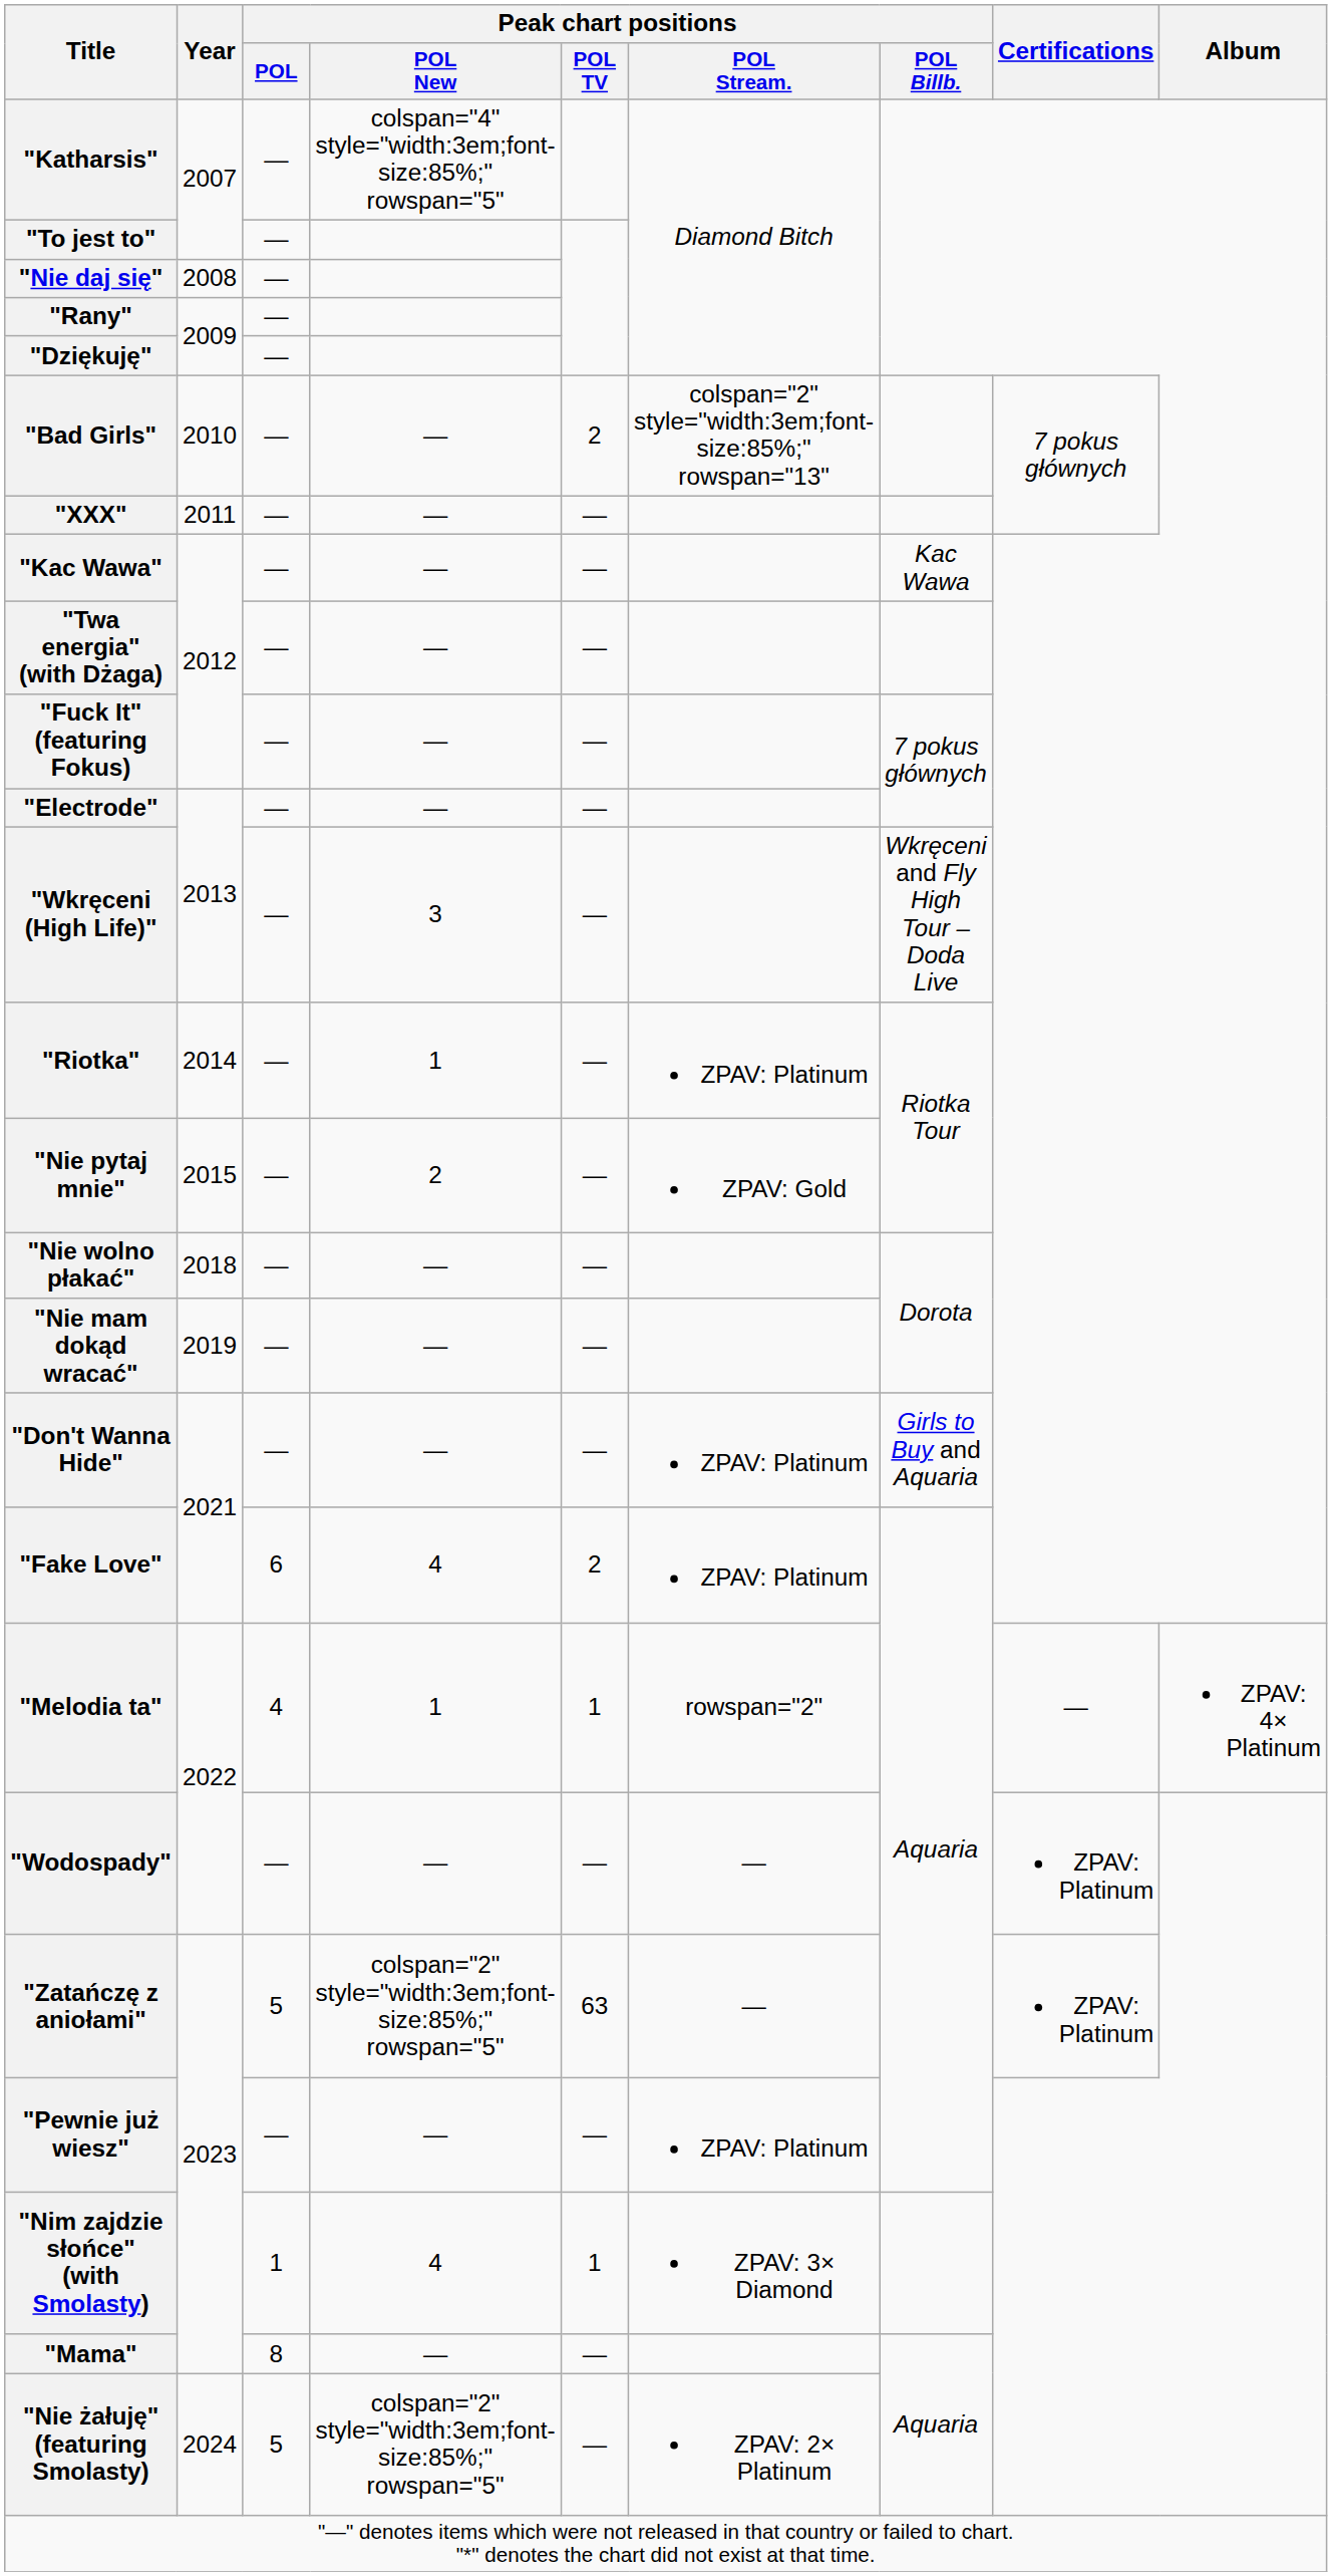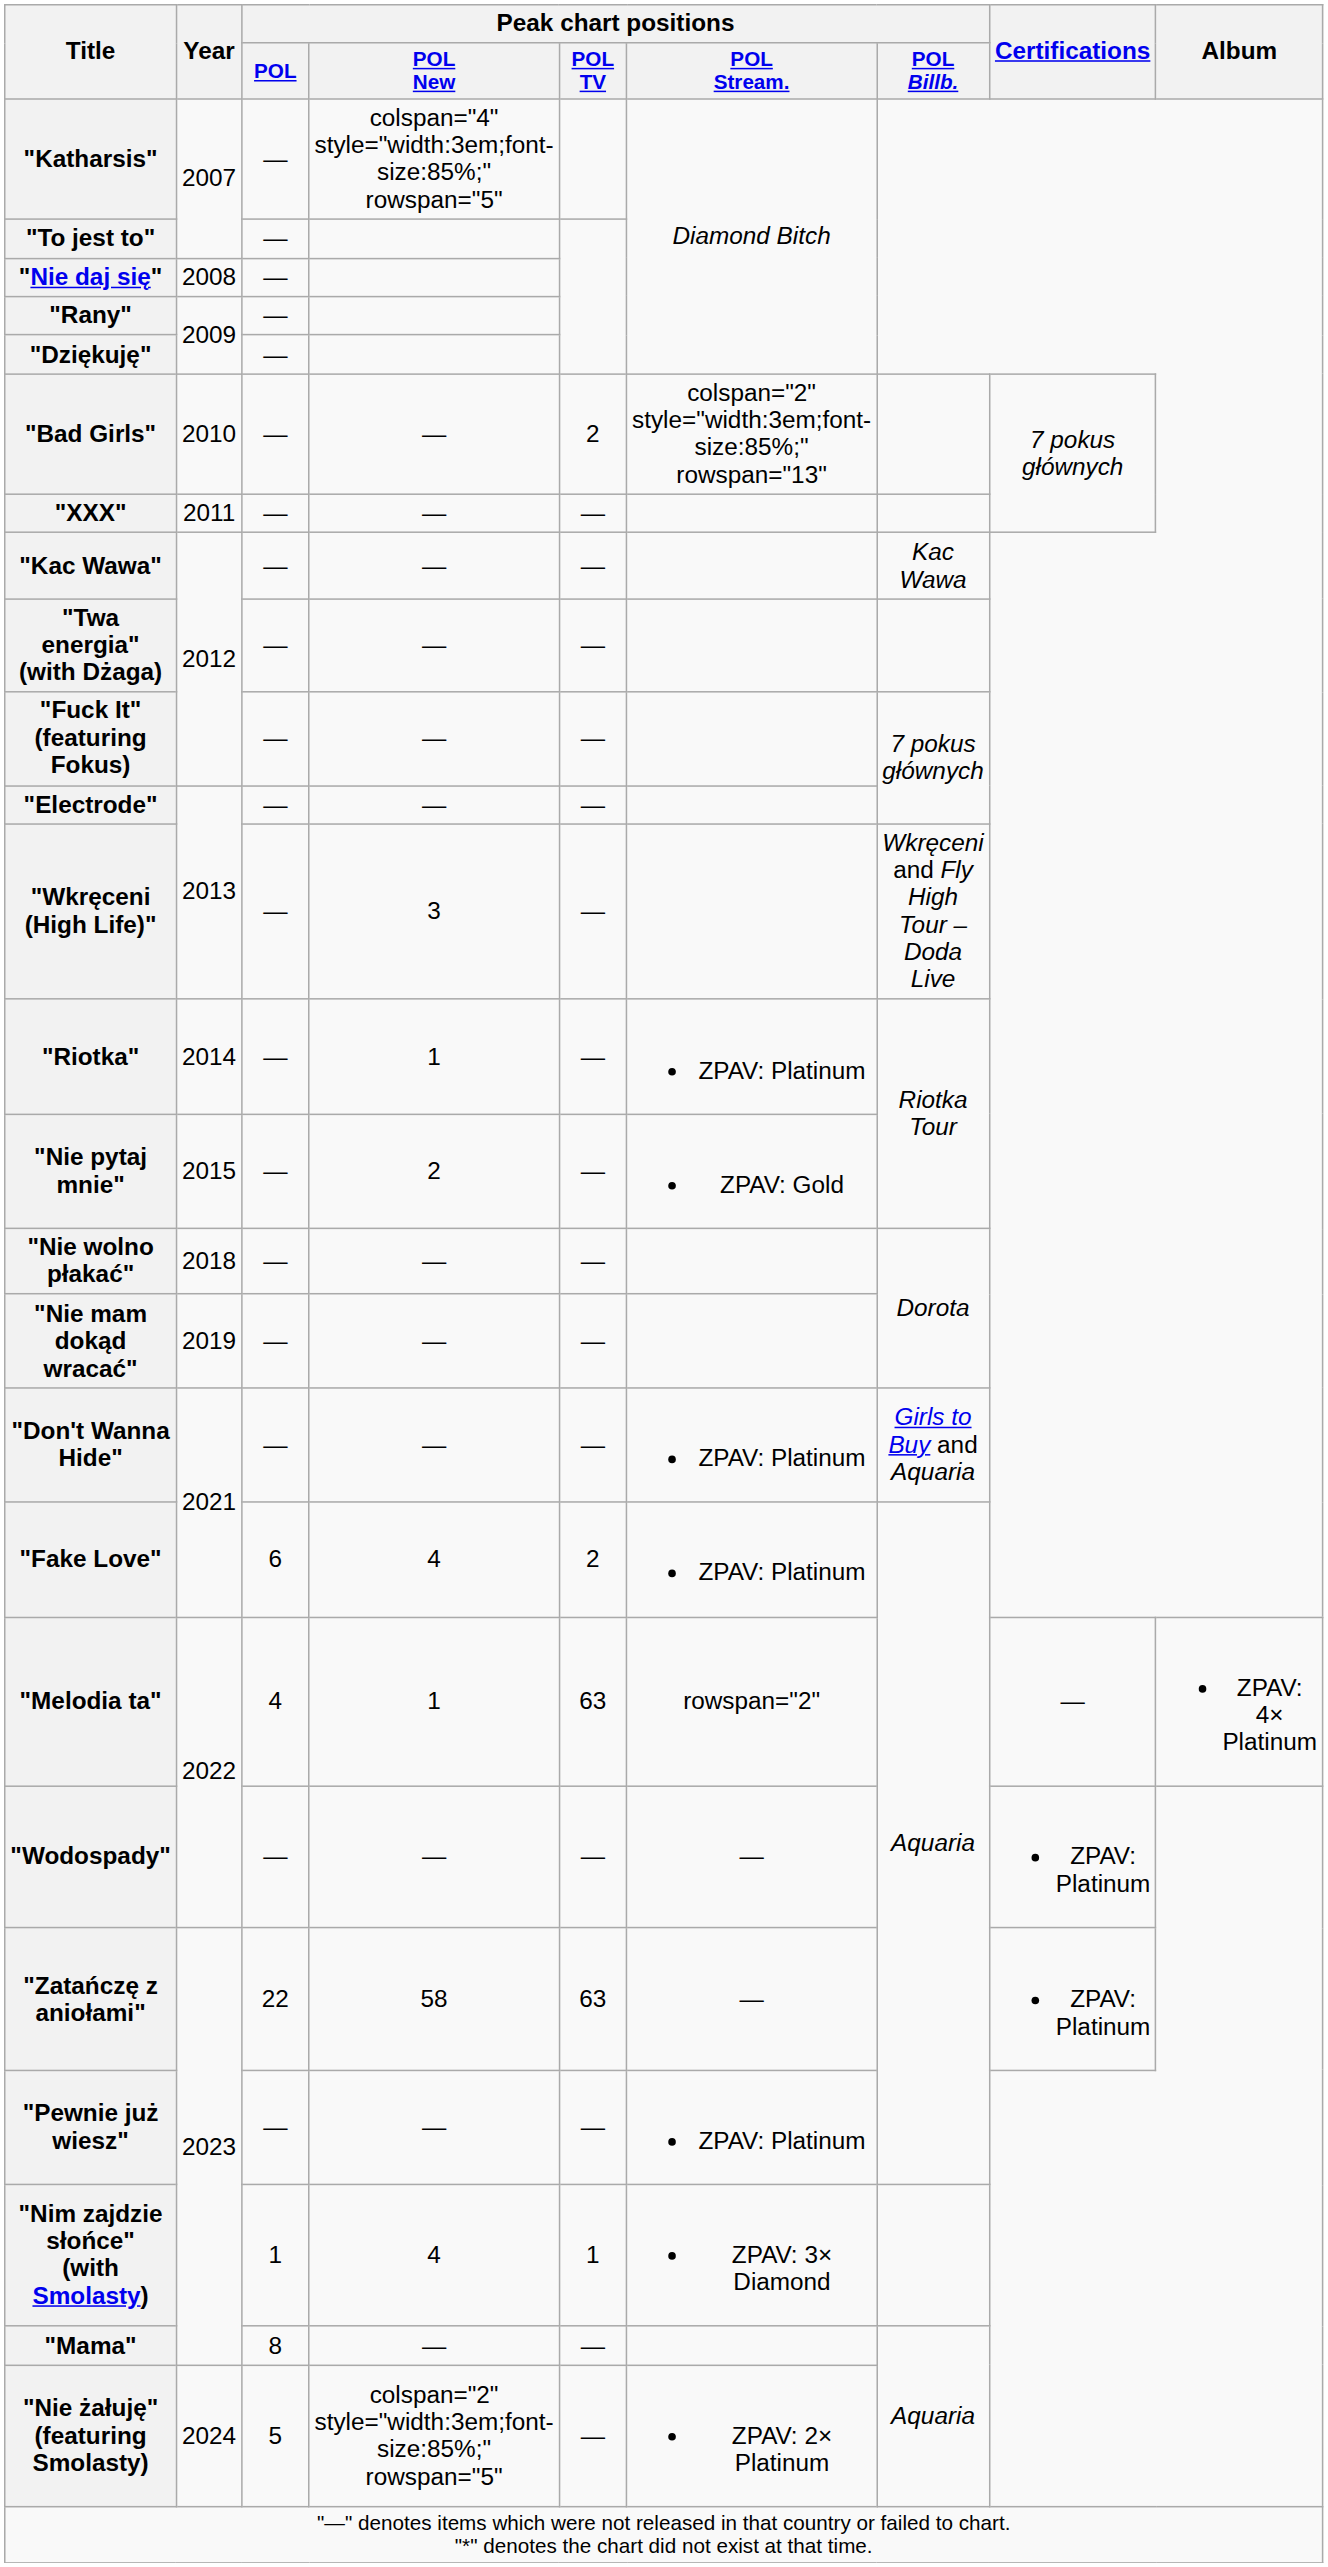 <table class="wikitable plainrowheaders" style="text-align:center;">
 <tr>
 <th scope="col" rowspan="2">Title</th>
 <th scope="col" rowspan="2">Year</th>
 <th scope="col" colspan="5">Peak chart positions</th>
 <th scope="col" rowspan="2"><a href='#'>Certifications</a></th>
 <th scope="col" rowspan="2">Album</th>
 </tr>
 <tr>
 <th scope="col" style="width:3em;font-size:85%;"><a href='#'>POL</a><br></th>
 <th scope="col" style="width:3em;font-size:85%;"><a href='#'>POL<br>New</a><br></th>
 <th scope="col" style="width:3em;font-size:85%;"><a href='#'>POL<br>TV</a><br></th>
 <th scope="col" style="width:3em;font-size:85%;"><a href='#'>POL<br>Stream.</a><br></th>
 <th scope="col" style="width:3em;font-size:85%;"><a href='#'>POL<br><em>Billb.</em></a><br></th>
 </tr>
 <tr>
 <th scope="row">"Katharsis"</th>
 <td rowspan="2">2007</td>
 <td>—</td>
 <td>colspan="4" style="width:3em;font-size:85%;" rowspan="5" </td>
 <td></td>
 <td rowspan="5"><em>Diamond Bitch</em></td>
 </tr>
 <tr>
 <th scope="row">"To jest to"</th>
 <td>—</td>
 <td></td>
 </tr>
 <tr>
 <th scope="row">"<a href='#'>Nie daj się</a>"</th>
 <td>2008</td>
 <td>—</td>
 <td></td>
 </tr>
 <tr>
 <th scope="row">"Rany"</th>
 <td rowspan="2">2009</td>
 <td>—</td>
 <td></td>
 </tr>
 <tr>
 <th scope="row">"Dziękuję"</th>
 <td>—</td>
 <td></td>
 </tr>
 <tr>
 <th scope="row">"Bad Girls"</th>
 <td>2010</td>
 <td>—</td>
 <td>—</td>
 <td>2</td>
 <td>colspan="2" style="width:3em;font-size:85%;" rowspan="13" </td>
 <td></td>
 <td rowspan="2"><em>7 pokus głównych</em></td>
 </tr>
 <tr>
 <th scope="row">"XXX"</th>
 <td>2011</td>
 <td>—</td>
 <td>—</td>
 <td>—</td>
 <td></td>
 </tr>
 <tr>
 <th scope="row">"Kac Wawa"</th>
 <td rowspan="3">2012</td>
 <td>—</td>
 <td>—</td>
 <td>—</td>
 <td></td>
 <td><em>Kac Wawa</em></td>
 </tr>
 <tr>
 <th scope="row">"Twa energia"<br><span>(with Dżaga)</span></th>
 <td>—</td>
 <td>—</td>
 <td>—</td>
 <td></td>
 <td></td>
 </tr>
 <tr>
 <th scope="row">"Fuck It"<br><span>(featuring Fokus)</span></th>
 <td>—</td>
 <td>—</td>
 <td>—</td>
 <td></td>
 <td rowspan="2"><em>7 pokus głównych</em></td>
 </tr>
 <tr>
 <th scope="row">"Electrode"</th>
 <td rowspan="2">2013</td>
 <td>—</td>
 <td>—</td>
 <td>—</td>
 <td></td>
 </tr>
 <tr>
 <th scope="row">"Wkręceni (High Life)"</th>
 <td>—</td>
 <td>3</td>
 <td>—</td>
 <td></td>
 <td><em>Wkręceni</em> and <em>Fly High Tour – Doda Live</em></td>
 </tr>
 <tr>
 <th scope="row">"Riotka"</th>
 <td>2014</td>
 <td>—</td>
 <td>1</td>
 <td>—</td>
 <td><br><ul><li>ZPAV: Platinum</li></ul></td>
 <td rowspan="2"><em>Riotka Tour</em></td>
 </tr>
 <tr>
 <th scope="row">"Nie pytaj mnie"</th>
 <td>2015</td>
 <td>—</td>
 <td>2</td>
 <td>—</td>
 <td><br><ul><li>ZPAV: Gold</li></ul></td>
 </tr>
 <tr>
 <th scope="row">"Nie wolno płakać"</th>
 <td>2018</td>
 <td>—</td>
 <td>—</td>
 <td>—</td>
 <td></td>
 <td rowspan="2"><em>Dorota</em></td>
 </tr>
 <tr>
 <th scope="row">"Nie mam dokąd wracać"</th>
 <td>2019</td>
 <td>—</td>
 <td>—</td>
 <td>—</td>
 <td></td>
 </tr>
 <tr>
 <th scope="row">"Don't Wanna Hide"</th>
 <td rowspan="2">2021</td>
 <td>—</td>
 <td>—</td>
 <td>—</td>
 <td><br><ul><li>ZPAV: Platinum</li></ul></td>
 <td><em><a href='#'>Girls to Buy</a></em> and <em>Aquaria</em></td>
 </tr>
 <tr>
 <th scope="row">"Fake Love"</th>
 <td>6</td>
 <td>4</td>
 <td>2</td>
 <td><br><ul><li>ZPAV: Platinum</li></ul></td>
 <td rowspan="5"><em>Aquaria</em></td>
 </tr>
 <tr>
 <th scope="row">"Melodia ta"</th>
 <td rowspan="2">2022</td>
 <td>4</td>
 <td>1</td>
-<td>1</td>
+<td>63</td>
 <td>rowspan="2" </td>
 <td>—</td>
 <td><br><ul><li>ZPAV: 4× Platinum</li></ul></td>
 </tr>
 <tr>
 <th scope="row">"Wodospady"</th>
 <td>—</td>
 <td>—</td>
 <td>—</td>
 <td>—</td>
 <td><br><ul><li>ZPAV: Platinum</li></ul></td>
 </tr>
 <tr>
 <th scope="row">"Zatańczę z aniołami"</th>
 <td rowspan="4">2023</td>
-<td>5</td>
-<td>colspan="2" style="width:3em;font-size:85%;" rowspan="5" </td>
+<td>22</td>
+<td>58</td>
 <td>63</td>
 <td>—</td>
 <td><br><ul><li>ZPAV: Platinum</li></ul></td>
 </tr>
 <tr>
 <th scope="row">"Pewnie już wiesz"</th>
 <td>—</td>
 <td>—</td>
 <td>—</td>
 <td><br><ul><li>ZPAV: Platinum</li></ul></td>
 </tr>
 <tr>
 <th scope="row">"Nim zajdzie słońce"<br><span>(with <a href='#'>Smolasty</a>)</span></th>
 <td>1</td>
 <td>4</td>
 <td>1</td>
 <td><br><ul><li>ZPAV: 3× Diamond</li></ul></td>
 <td></td>
 </tr>
 <tr>
 <th scope="row">"Mama"</th>
 <td>8</td>
 <td>—</td>
 <td>—</td>
 <td></td>
 <td rowspan="2"><em>Aquaria</em></td>
 </tr>
 <tr>
 <th scope="row">"Nie żałuję"<br><span>(featuring Smolasty)</span></th>
 <td>2024</td>
 <td>5</td>
 <td>colspan="2" style="width:3em;font-size:85%;" rowspan="5" </td>
 <td>—</td>
 <td><br><ul><li>ZPAV: 2× Platinum</li></ul></td>
 </tr>
 <tr>
 <td colspan="9" style="font-size:85%">"—" denotes items which were not released in that country or failed to chart.<br>"*" denotes the chart did not exist at that time.</td>
 </tr>
 </table>
